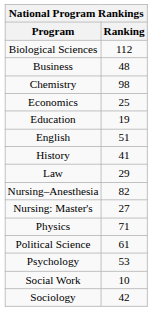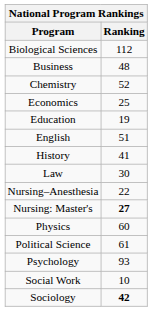 <table class="wikitable sortable collapsible collapsed" style="float:right; text-align:center">
 <tr>
 <th colspan=4>National Program Rankings</th>
 </tr>
 <tr>
 <th>Program</th>
 <th>Ranking</th>
 </tr>
 <tr>
 <td>Biological Sciences</td>
 <td>112</td>
 </tr>
 <tr>
 <td>Business</td>
 <td>48</td>
 </tr>
 <tr>
 <td>Chemistry</td>
-<td>98</td>
+<td>52</td>
 </tr>
 <tr>
 <td>Economics</td>
 <td>25</td>
 </tr>
 <tr>
 <td>Education</td>
 <td>19</td>
 </tr>
 <tr>
 <td>English</td>
 <td>51</td>
 </tr>
 <tr>
 <td>History</td>
 <td>41</td>
 </tr>
 <tr>
 <td>Law</td>
-<td>29</td>
+<td>30</td>
 </tr>
 <tr>
 <td>Nursing–Anesthesia</td>
-<td>82</td>
+<td>22</td>
 </tr>
 <tr>
 <td>Nursing: Master's</td>
-<td>27</td>
+<td><strong>27</strong></td>
 </tr>
 <tr>
 <td>Physics</td>
-<td>71</td>
+<td>60</td>
 </tr>
 <tr>
 <td>Political Science</td>
 <td>61</td>
 </tr>
 <tr>
 <td>Psychology</td>
-<td>53</td>
+<td>93</td>
 </tr>
 <tr>
 <td>Social Work</td>
 <td>10</td>
 </tr>
 <tr>
 <td>Sociology</td>
-<td>42</td>
+<td><strong>42</strong></td>
 </tr>
 </table>
